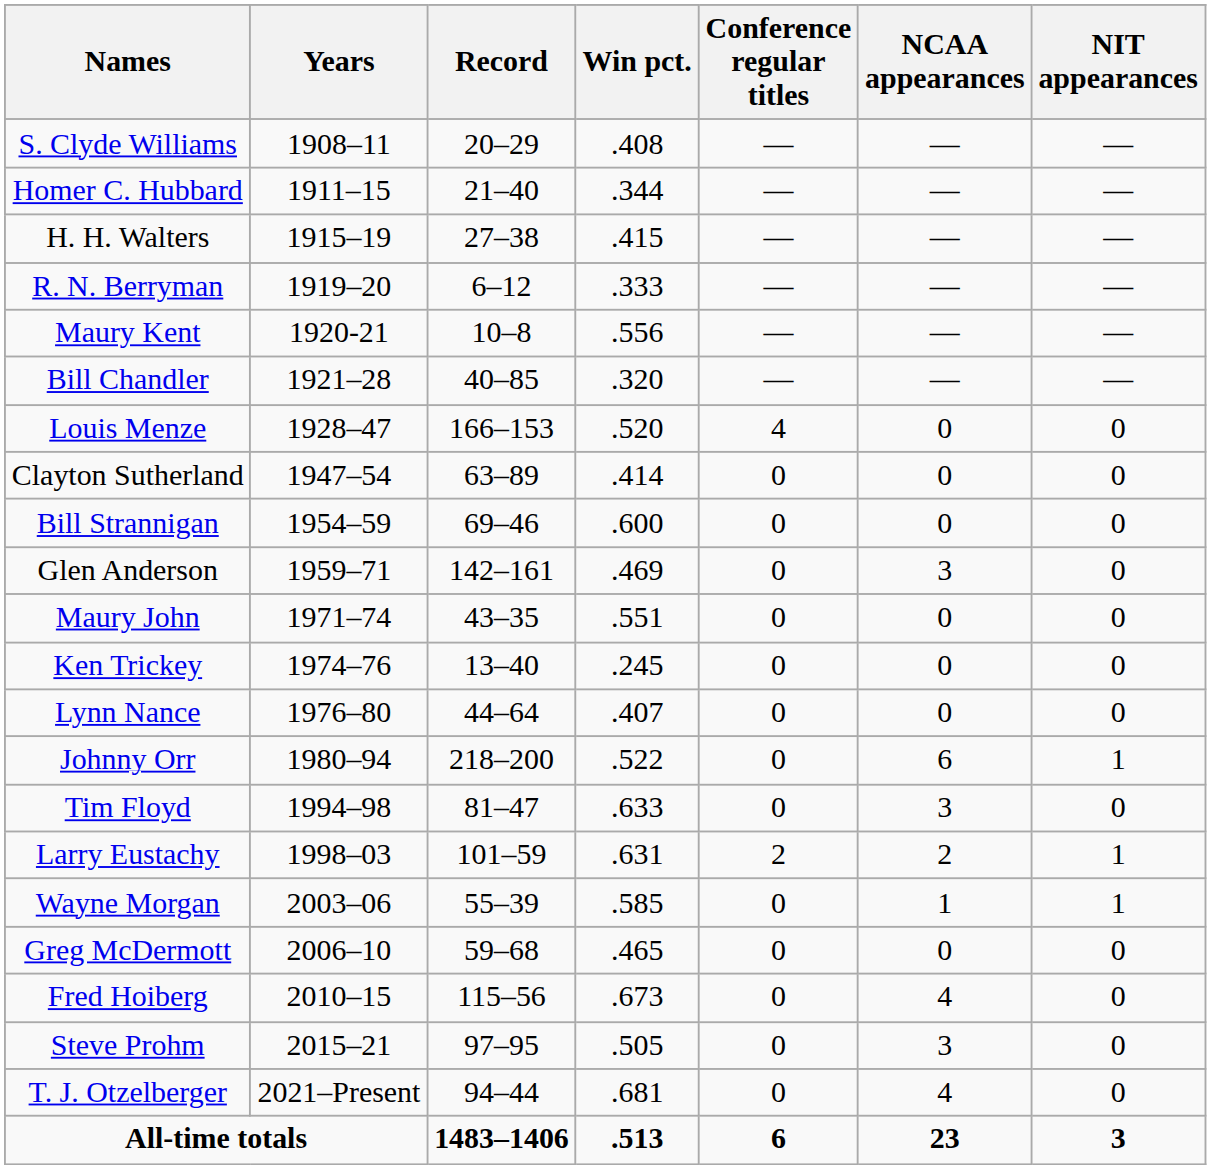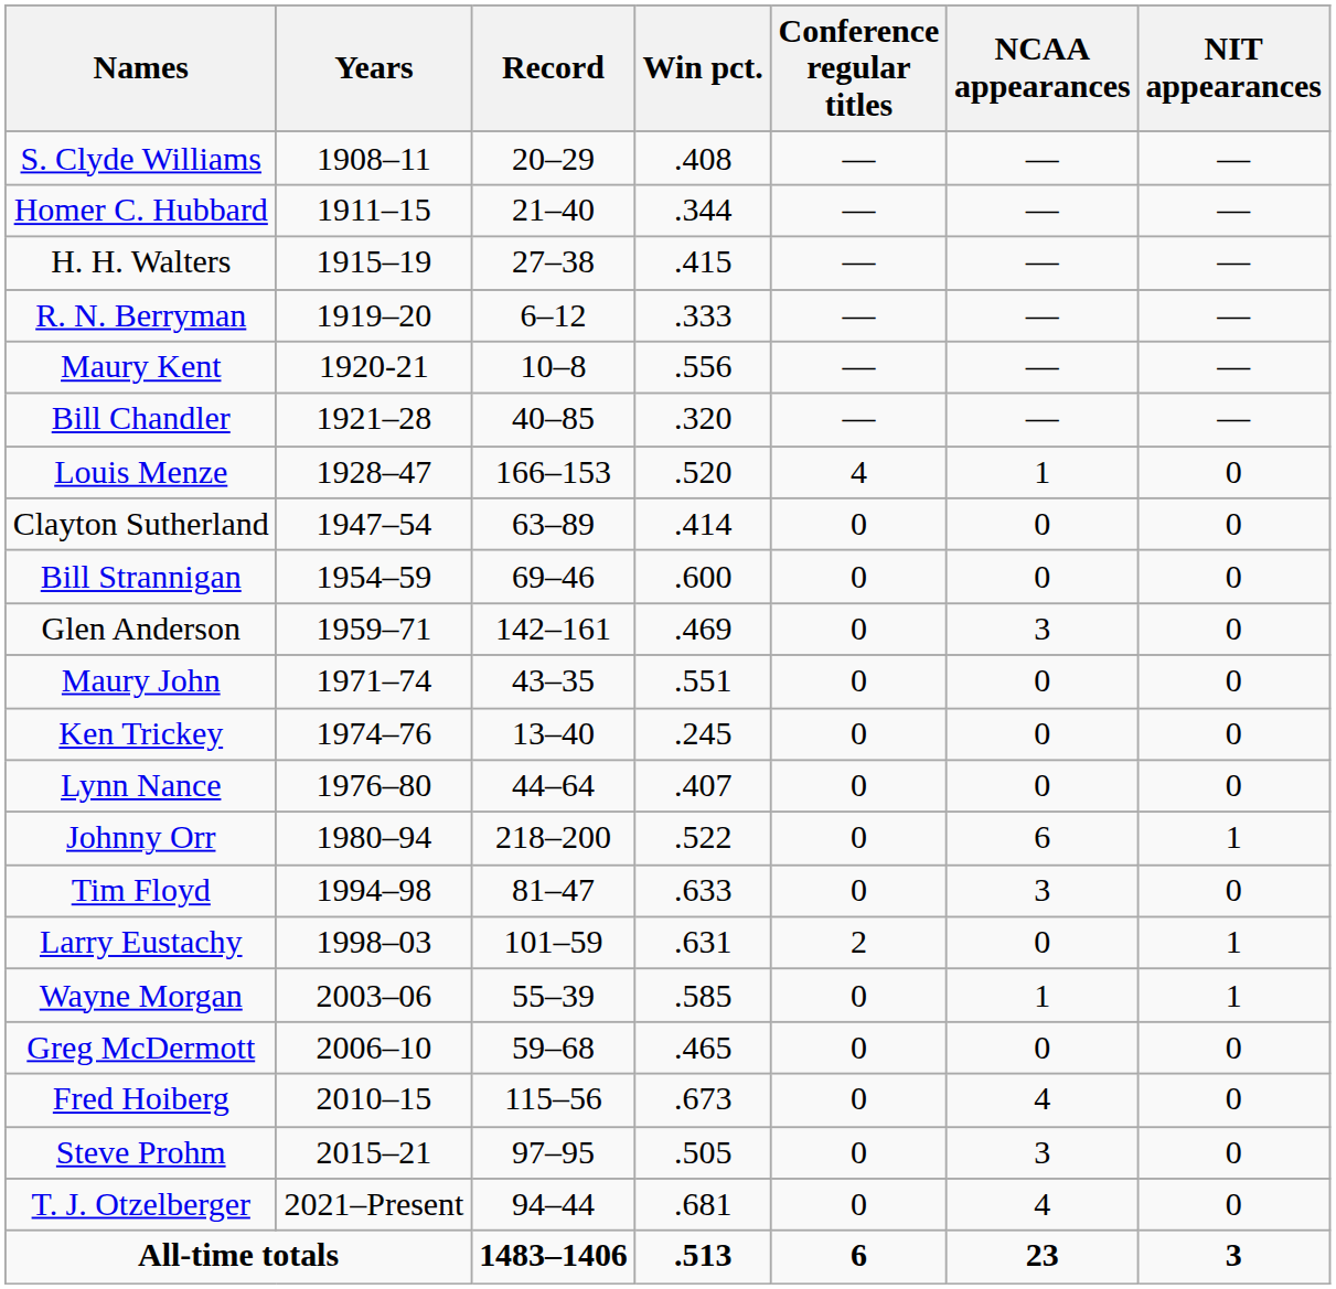 <table class="wikitable sortable" style="text-align: center">
 <tr align=center>
 <th>Names</th>
 <th>Years</th>
 <th>Record</th>
 <th>Win pct.</th>
 <th>Conference<br>regular<br>titles</th>
 <th>NCAA<br>appearances</th>
 <th>NIT<br>appearances</th>
 </tr>
 <tr>
 <td><a href='#'>S. Clyde Williams</a></td>
 <td>1908–11</td>
 <td>20–29</td>
 <td>.408</td>
 <td>—</td>
 <td>—</td>
 <td>—</td>
 </tr>
 <tr>
 <td><a href='#'>Homer C. Hubbard</a></td>
 <td>1911–15</td>
 <td>21–40</td>
 <td>.344</td>
 <td>—</td>
 <td>—</td>
 <td>—</td>
 </tr>
 <tr>
 <td>H. H. Walters</td>
 <td>1915–19</td>
 <td>27–38</td>
 <td>.415</td>
 <td>—</td>
 <td>—</td>
 <td>—</td>
 </tr>
 <tr>
 <td><a href='#'>R. N. Berryman</a></td>
 <td>1919–20</td>
 <td>6–12</td>
 <td>.333</td>
 <td>—</td>
 <td>—</td>
 <td>—</td>
 </tr>
 <tr>
 <td><a href='#'>Maury Kent</a></td>
 <td>1920-21</td>
 <td>10–8</td>
 <td>.556</td>
 <td>—</td>
 <td>—</td>
 <td>—</td>
 </tr>
 <tr>
 <td><a href='#'>Bill Chandler</a></td>
 <td>1921–28</td>
 <td>40–85</td>
 <td>.320</td>
 <td>—</td>
 <td>—</td>
 <td>—</td>
 </tr>
 <tr>
 <td><a href='#'>Louis Menze</a></td>
 <td>1928–47</td>
 <td>166–153</td>
 <td>.520</td>
 <td>4</td>
-<td>0</td>
+<td>1</td>
 <td>0</td>
 </tr>
 <tr>
 <td>Clayton Sutherland</td>
 <td>1947–54</td>
 <td>63–89</td>
 <td>.414</td>
 <td>0</td>
 <td>0</td>
 <td>0</td>
 </tr>
 <tr>
 <td><a href='#'>Bill Strannigan</a></td>
 <td>1954–59</td>
 <td>69–46</td>
 <td>.600</td>
 <td>0</td>
 <td>0</td>
 <td>0</td>
 </tr>
 <tr>
 <td>Glen Anderson</td>
 <td>1959–71</td>
 <td>142–161</td>
 <td>.469</td>
 <td>0</td>
 <td>3</td>
 <td>0</td>
 </tr>
 <tr>
 <td><a href='#'>Maury John</a></td>
 <td>1971–74</td>
 <td>43–35</td>
 <td>.551</td>
 <td>0</td>
 <td>0</td>
 <td>0</td>
 </tr>
 <tr>
 <td><a href='#'>Ken Trickey</a></td>
 <td>1974–76</td>
 <td>13–40</td>
 <td>.245</td>
 <td>0</td>
 <td>0</td>
 <td>0</td>
 </tr>
 <tr>
 <td><a href='#'>Lynn Nance</a></td>
 <td>1976–80</td>
 <td>44–64</td>
 <td>.407</td>
 <td>0</td>
 <td>0</td>
 <td>0</td>
 </tr>
 <tr>
 <td><a href='#'>Johnny Orr</a></td>
 <td>1980–94</td>
 <td>218–200</td>
 <td>.522</td>
 <td>0</td>
 <td>6</td>
 <td>1</td>
 </tr>
 <tr>
 <td><a href='#'>Tim Floyd</a></td>
 <td>1994–98</td>
 <td>81–47</td>
 <td>.633</td>
 <td>0</td>
 <td>3</td>
 <td>0</td>
 </tr>
 <tr>
 <td><a href='#'>Larry Eustachy</a></td>
 <td>1998–03</td>
 <td>101–59</td>
 <td>.631</td>
 <td>2</td>
-<td>2</td>
+<td>0</td>
 <td>1</td>
 </tr>
 <tr>
 <td><a href='#'>Wayne Morgan</a></td>
 <td>2003–06</td>
 <td>55–39</td>
 <td>.585</td>
 <td>0</td>
 <td>1</td>
 <td>1</td>
 </tr>
 <tr>
 <td><a href='#'>Greg McDermott</a></td>
 <td>2006–10</td>
 <td>59–68</td>
 <td>.465</td>
 <td>0</td>
 <td>0</td>
 <td>0</td>
 </tr>
 <tr>
 <td><a href='#'>Fred Hoiberg</a></td>
 <td>2010–15</td>
 <td>115–56</td>
 <td>.673</td>
 <td>0</td>
 <td>4</td>
 <td>0</td>
 </tr>
 <tr>
 <td><a href='#'>Steve Prohm</a></td>
 <td>2015–21</td>
 <td>97–95</td>
 <td>.505</td>
 <td>0</td>
 <td>3</td>
 <td>0</td>
 </tr>
 <tr>
 <td><a href='#'>T. J. Otzelberger</a></td>
 <td>2021–Present</td>
 <td>94–44</td>
 <td>.681</td>
 <td>0</td>
 <td>4</td>
 <td>0</td>
 </tr>
 <tr>
 <td colspan=2><strong>All-time totals</strong></td>
 <td><strong>1483–1406</strong></td>
 <td><strong>.513</strong></td>
 <td><strong>6</strong></td>
 <td><strong>23</strong></td>
 <td><strong>3</strong></td>
 </tr>
 </table>
